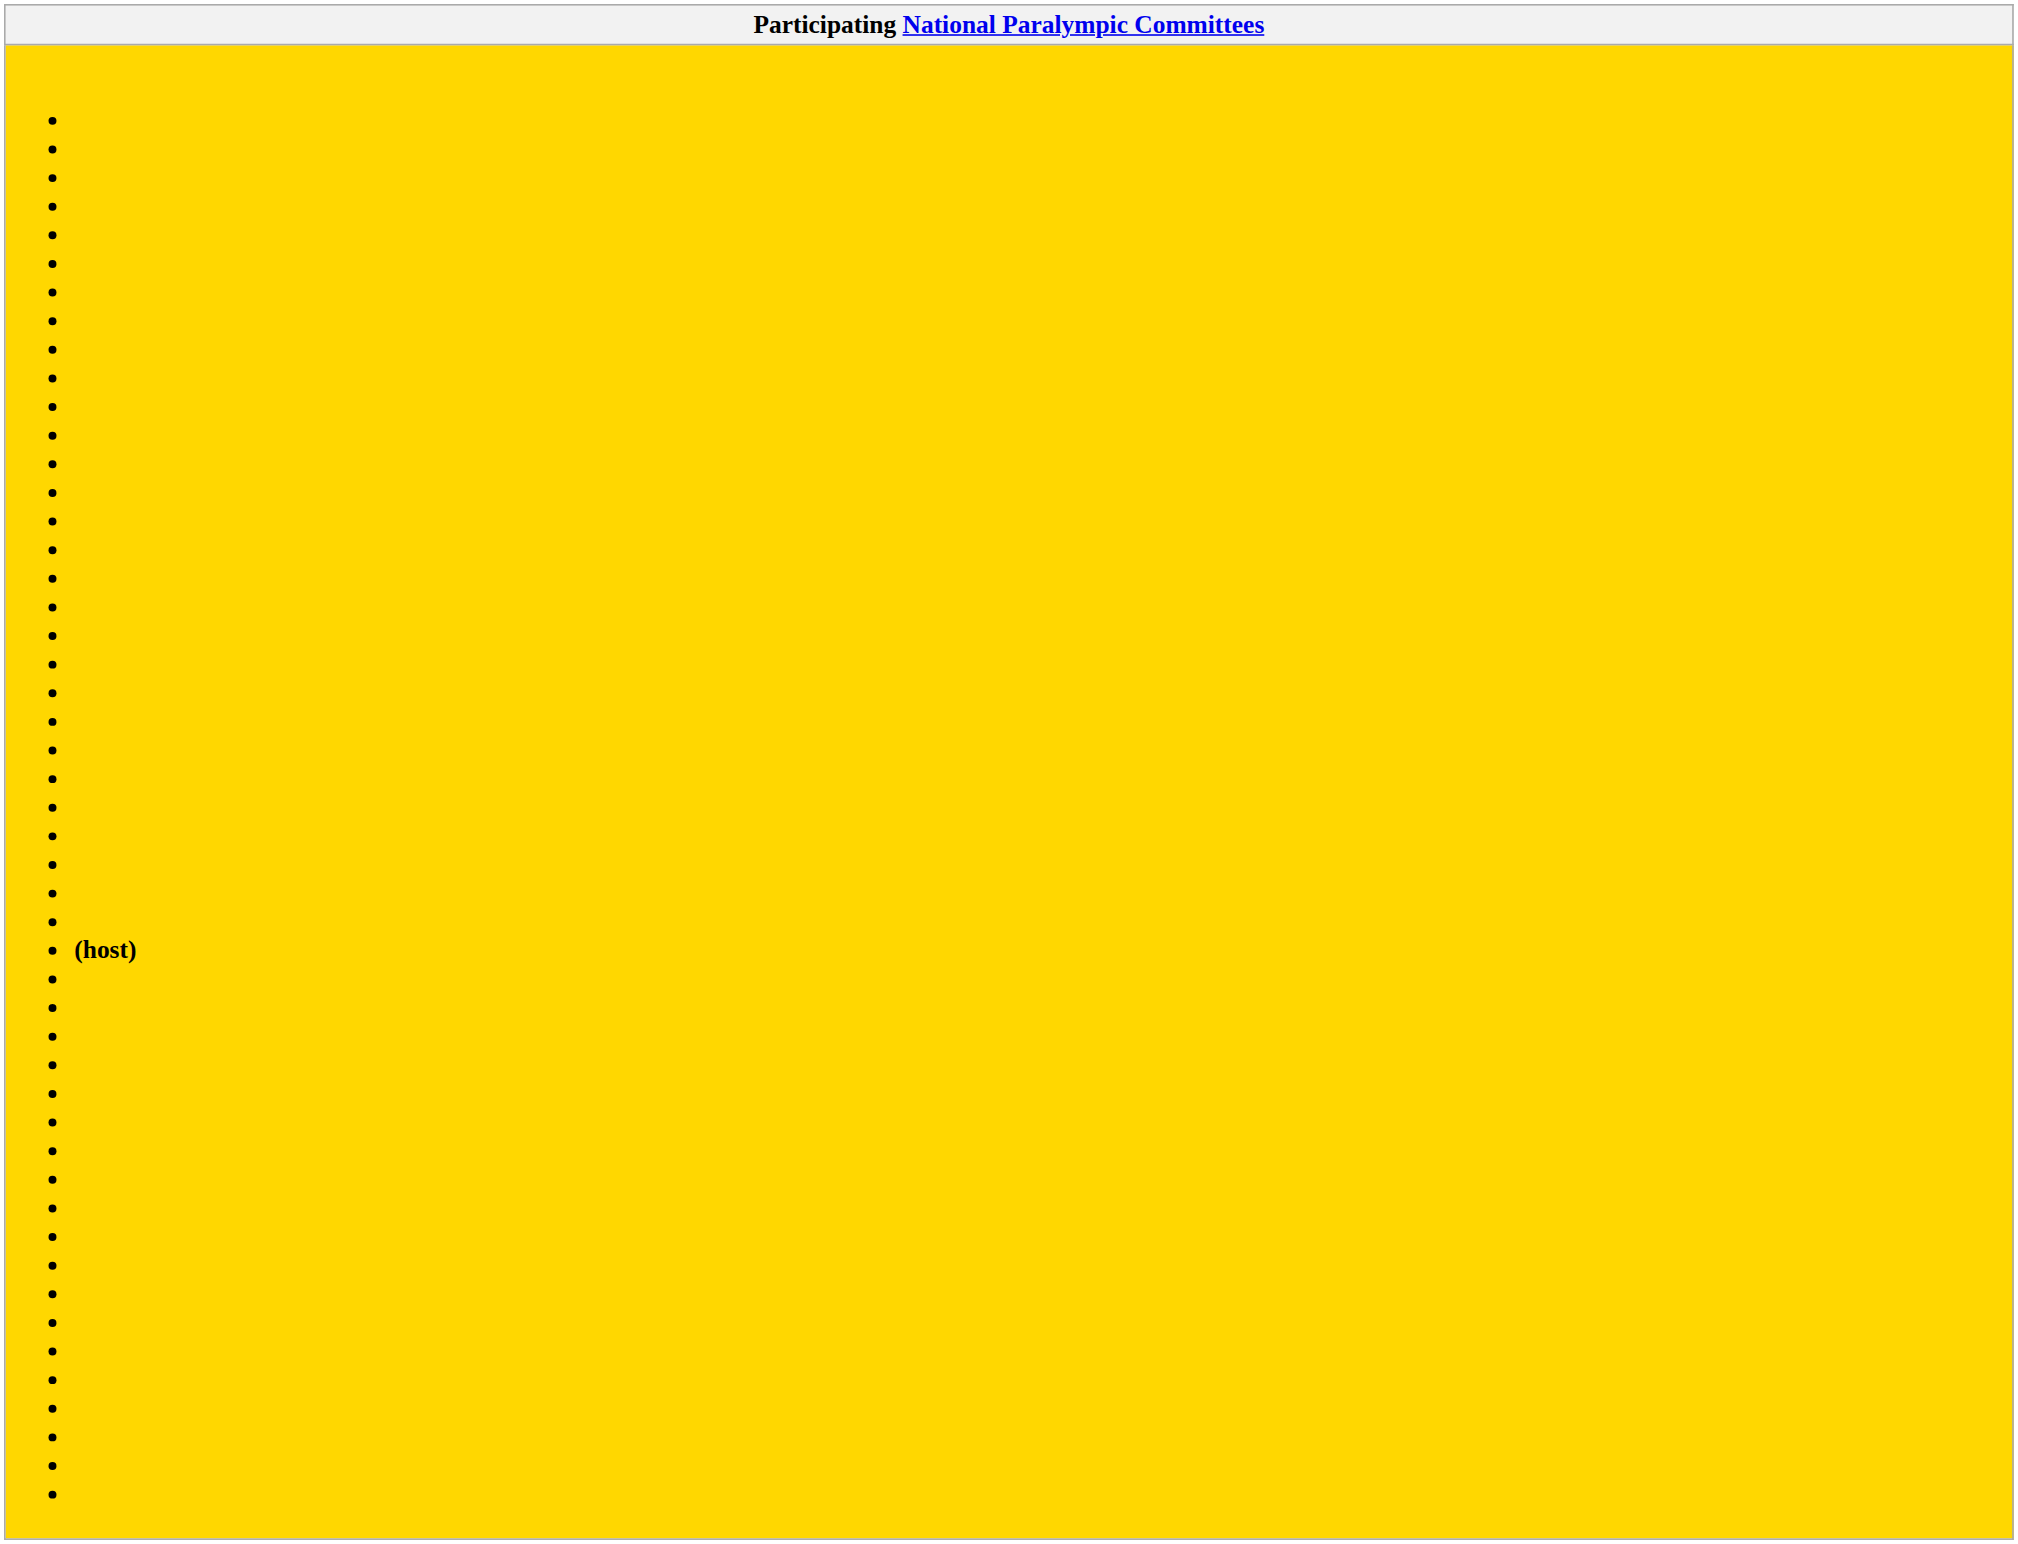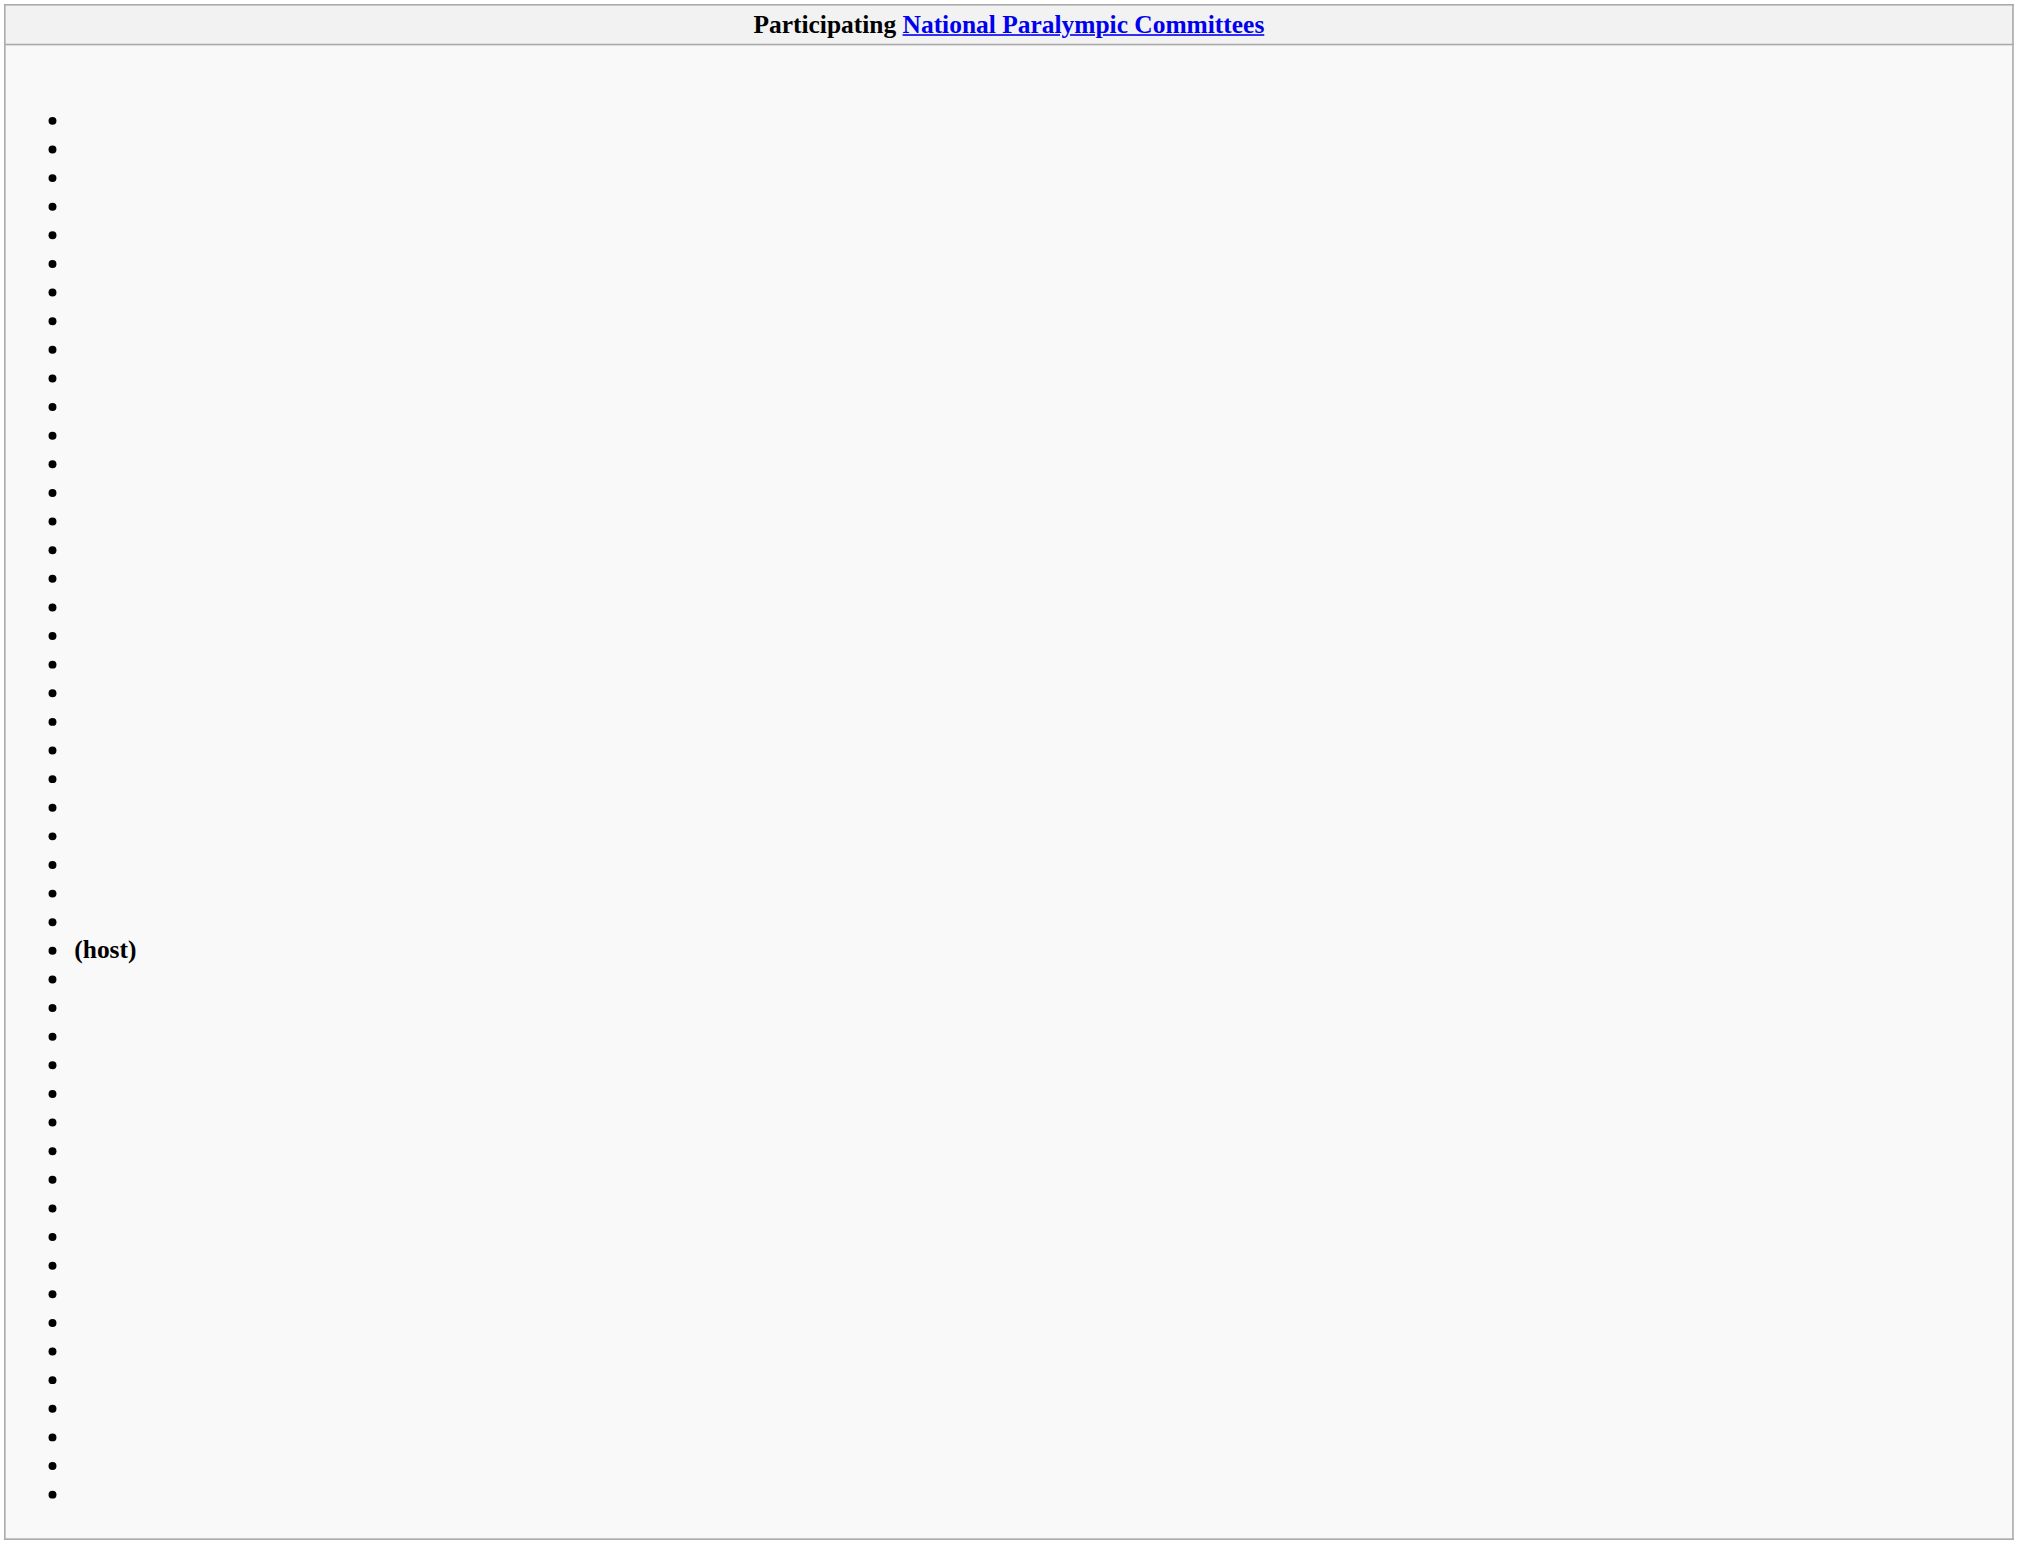 <table class="wikitable collapsible" style="width:100%;">
 <tr>
 <th>Participating <a href='#'>National Paralympic Committees</a></th>
 </tr>
 <tr>
-<td style="background: gold;"><br><ul><li></li><li></li><li></li><li></li><li></li><li></li><li></li><li></li><li></li><li></li><li></li><li></li><li></li><li></li><li></li><li></li><li></li><li></li><li></li><li></li><li></li><li></li><li></li><li></li><li></li><li></li><li></li><li></li><li></li><li> <strong>(host)</strong></li><li></li><li></li><li></li><li></li><li></li><li></li><li></li><li></li><li></li><li></li><li></li><li></li><li></li><li></li><li></li><li></li><li></li><li></li><li></li></ul></td>
+<td><br><ul><li></li><li></li><li></li><li></li><li></li><li></li><li></li><li></li><li></li><li></li><li></li><li></li><li></li><li></li><li></li><li></li><li></li><li></li><li></li><li></li><li></li><li></li><li></li><li></li><li></li><li></li><li></li><li></li><li></li><li> <strong>(host)</strong></li><li></li><li></li><li></li><li></li><li></li><li></li><li></li><li></li><li></li><li></li><li></li><li></li><li></li><li></li><li></li><li></li><li></li><li></li><li></li></ul></td>
 </tr>
 </table>
